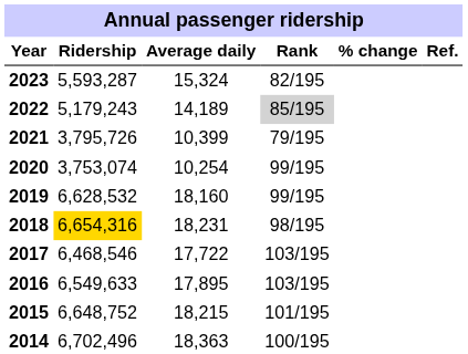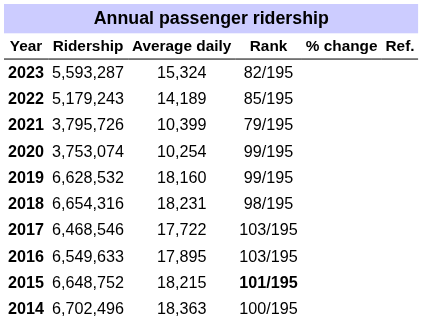 <table class="toccolours" cellpadding="4" cellspacing="0" style="text-align:right;">
 <tr>
 <th colspan="6"  style="background-color:#ccf; background-color:#ccf; font-size:110%; text-align:center;">Annual passenger ridership</th>
 </tr>
 <tr style="font-size:95%; text-align:center">
 <th style="border-bottom:1px solid black">Year</th>
 <th style="border-bottom:1px solid black">Ridership</th>
 <th style="border-bottom:1px solid black">Average daily</th>
 <th style="border-bottom:1px solid black">Rank</th>
 <th style="border-bottom:1px solid black">% change</th>
 <th style="border-bottom:1px solid black">Ref.</th>
 </tr>
 <tr style="text-align:center;">
 <td><strong>2023</strong></td>
 <td>5,593,287</td>
 <td>15,324</td>
 <td>82/195</td>
 <td></td>
 <td></td>
 </tr>
 <tr style="text-align:center;">
 <td><strong>2022</strong></td>
 <td>5,179,243</td>
 <td>14,189</td>
-<td style="background: lightgrey;">85/195</td>
+<td>85/195</td>
 <td></td>
 <td></td>
 </tr>
 <tr style="text-align:center;">
 <td><strong>2021</strong></td>
 <td>3,795,726</td>
 <td>10,399</td>
 <td>79/195</td>
 <td></td>
 <td></td>
 </tr>
 <tr style="text-align:center;">
 <td><strong>2020</strong></td>
 <td>3,753,074</td>
 <td>10,254</td>
 <td>99/195</td>
 <td></td>
 <td></td>
 </tr>
 <tr style="text-align:center;">
 <td><strong>2019</strong></td>
 <td>6,628,532</td>
 <td>18,160</td>
 <td>99/195</td>
 <td></td>
 <td></td>
 </tr>
 <tr style="text-align:center;">
 <td><strong>2018</strong></td>
-<td style="background: gold;">6,654,316</td>
+<td>6,654,316</td>
 <td>18,231</td>
 <td>98/195</td>
 <td></td>
 <td></td>
 </tr>
 <tr style="text-align:center;">
 <td><strong>2017</strong></td>
 <td>6,468,546</td>
 <td>17,722</td>
 <td>103/195</td>
 <td></td>
 <td></td>
 </tr>
 <tr style="text-align:center;">
 <td><strong>2016</strong></td>
 <td>6,549,633</td>
 <td>17,895</td>
 <td>103/195</td>
 <td></td>
 <td></td>
 </tr>
 <tr style="text-align:center;">
 <td><strong>2015</strong></td>
 <td>6,648,752</td>
 <td>18,215</td>
-<td>101/195</td>
+<td><strong>101/195</strong></td>
 <td></td>
 <td></td>
 </tr>
 <tr style="text-align:center;">
 <td><strong>2014</strong></td>
 <td>6,702,496</td>
 <td>18,363</td>
 <td>100/195</td>
 <td></td>
 <td></td>
 </tr>
 </table>
